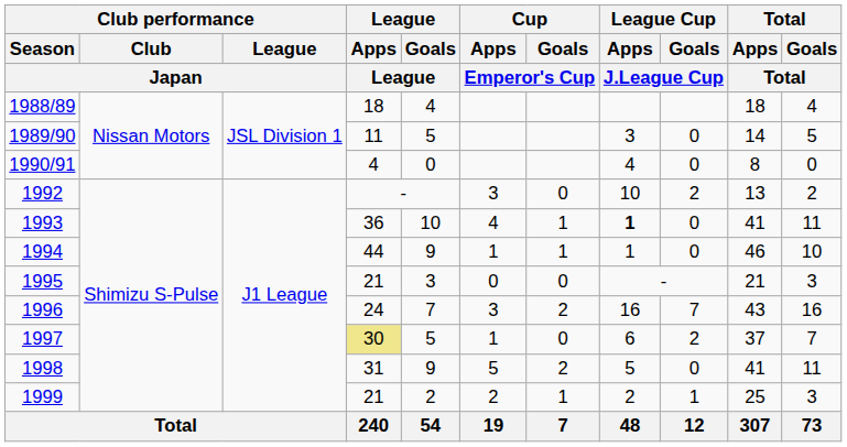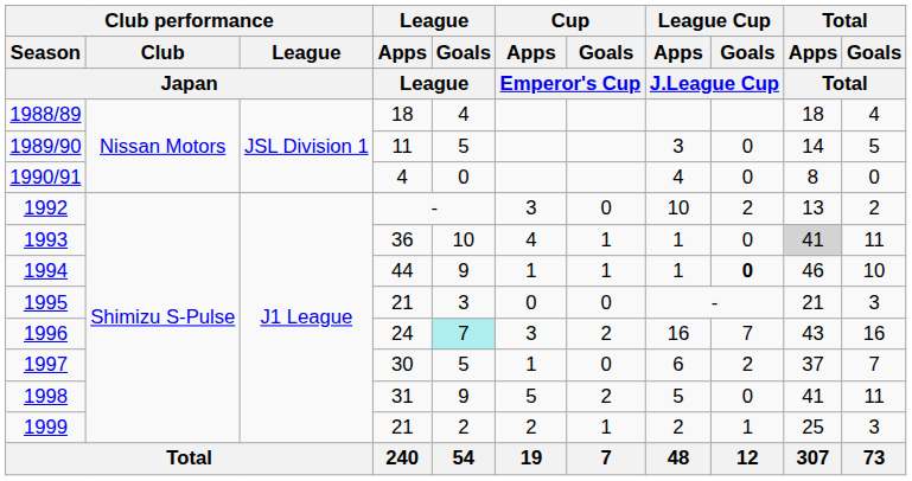 <table class="wikitable" style="text-align:center;">
 <tr>
 <th colspan=3>Club performance</th>
 <th colspan=2>League</th>
 <th colspan=2>Cup</th>
 <th colspan=2>League Cup</th>
 <th colspan=2>Total</th>
 </tr>
 <tr>
 <th>Season</th>
 <th>Club</th>
 <th>League</th>
 <th>Apps</th>
 <th>Goals</th>
 <th>Apps</th>
 <th>Goals</th>
 <th>Apps</th>
 <th>Goals</th>
 <th>Apps</th>
 <th>Goals</th>
 </tr>
 <tr>
 <th colspan=3>Japan</th>
 <th colspan=2>League</th>
 <th colspan=2><a href='#'>Emperor's Cup</a></th>
 <th colspan=2><a href='#'>J.League Cup</a></th>
 <th colspan=2>Total</th>
 </tr>
 <tr>
 <td><a href='#'>1988/89</a></td>
 <td rowspan="3"><a href='#'>Nissan Motors</a></td>
 <td rowspan="3"><a href='#'>JSL Division 1</a></td>
 <td>18</td>
 <td>4</td>
 <td></td>
 <td></td>
 <td></td>
 <td></td>
 <td>18</td>
 <td>4</td>
 </tr>
 <tr>
 <td><a href='#'>1989/90</a></td>
 <td>11</td>
 <td>5</td>
 <td></td>
 <td></td>
 <td>3</td>
 <td>0</td>
 <td>14</td>
 <td>5</td>
 </tr>
 <tr>
 <td><a href='#'>1990/91</a></td>
 <td>4</td>
 <td>0</td>
 <td></td>
 <td></td>
 <td>4</td>
 <td>0</td>
 <td>8</td>
 <td>0</td>
 </tr>
 <tr>
 <td><a href='#'>1992</a></td>
 <td rowspan="8"><a href='#'>Shimizu S-Pulse</a></td>
 <td rowspan="8"><a href='#'>J1 League</a></td>
 <td colspan="2">-</td>
 <td>3</td>
 <td>0</td>
 <td>10</td>
 <td>2</td>
 <td>13</td>
 <td>2</td>
 </tr>
 <tr>
 <td><a href='#'>1993</a></td>
 <td>36</td>
 <td>10</td>
 <td>4</td>
 <td>1</td>
-<td><strong>1</strong></td>
+<td>1</td>
 <td>0</td>
-<td>41</td>
+<td style="background: lightgrey;">41</td>
 <td>11</td>
 </tr>
 <tr>
 <td><a href='#'>1994</a></td>
 <td>44</td>
 <td>9</td>
 <td>1</td>
 <td>1</td>
 <td>1</td>
-<td>0</td>
+<td><strong>0</strong></td>
 <td>46</td>
 <td>10</td>
 </tr>
 <tr>
 <td><a href='#'>1995</a></td>
 <td>21</td>
 <td>3</td>
 <td>0</td>
 <td>0</td>
 <td colspan="2">-</td>
 <td>21</td>
 <td>3</td>
 </tr>
 <tr>
 <td><a href='#'>1996</a></td>
 <td>24</td>
-<td>7</td>
+<td style="background: paleturquoise;">7</td>
 <td>3</td>
 <td>2</td>
 <td>16</td>
 <td>7</td>
 <td>43</td>
 <td>16</td>
 </tr>
 <tr>
 <td><a href='#'>1997</a></td>
-<td style="background: khaki;">30</td>
+<td>30</td>
 <td>5</td>
 <td>1</td>
 <td>0</td>
 <td>6</td>
 <td>2</td>
 <td>37</td>
 <td>7</td>
 </tr>
 <tr>
 <td><a href='#'>1998</a></td>
 <td>31</td>
 <td>9</td>
 <td>5</td>
 <td>2</td>
 <td>5</td>
 <td>0</td>
 <td>41</td>
 <td>11</td>
 </tr>
 <tr>
 <td><a href='#'>1999</a></td>
 <td>21</td>
 <td>2</td>
 <td>2</td>
 <td>1</td>
 <td>2</td>
 <td>1</td>
 <td>25</td>
 <td>3</td>
 </tr>
 <tr>
 <th colspan=3>Total</th>
 <th>240</th>
 <th>54</th>
 <th>19</th>
 <th>7</th>
 <th>48</th>
 <th>12</th>
 <th>307</th>
 <th>73</th>
 </tr>
 </table>
